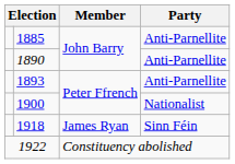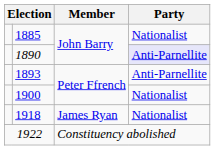 <table class="wikitable">
 <tr>
 <th colspan="2">Election</th>
 <th>Member</th>
 <th>Party</th>
 </tr>
 <tr>
 <td style="color:inherit;background-color: "></td>
 <td><a href='#'>1885</a></td>
 <td rowspan="2"><a href='#'>John Barry</a></td>
-<td><a href='#'>Anti-Parnellite</a></td>
+<td><a href='#'>Nationalist</a></td>
 </tr>
 <tr>
 <td style="color:inherit;background-color: "></td>
 <td><em>1890</em></td>
-<td><a href='#'>Anti-Parnellite</a></td>
+<td style="background: lavender;"><a href='#'>Anti-Parnellite</a></td>
 </tr>
 <tr>
 <td style="color:inherit;background-color: "></td>
 <td><a href='#'>1893</a></td>
 <td rowspan="2"><a href='#'>Peter Ffrench</a></td>
 <td><a href='#'>Anti-Parnellite</a></td>
 </tr>
 <tr>
 <td style="color:inherit;background-color: "></td>
 <td><a href='#'>1900</a></td>
 <td><a href='#'>Nationalist</a></td>
 </tr>
 <tr>
 <td style="color:inherit;background-color: "></td>
 <td><a href='#'>1918</a></td>
 <td><a href='#'>James Ryan</a></td>
-<td><a href='#'>Sinn Féin</a></td>
+<td><a href='#'>Nationalist</a></td>
 </tr>
 <tr>
 <td colspan="2" align="center"><em>1922</em></td>
 <td colspan="3"><em>Constituency abolished</em></td>
 </tr>
 </table>
